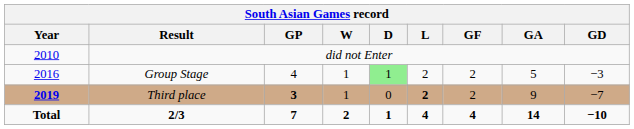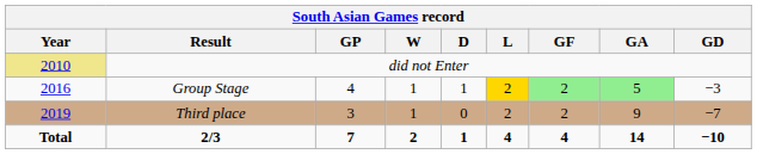 <table class="wikitable" style="text-align: center; width:50%;">
 <tr>
 <th colspan=10><a href='#'>South Asian Games</a> record</th>
 </tr>
 <tr>
 <th>Year</th>
 <th>Result</th>
 <th>GP</th>
 <th>W</th>
 <th>D</th>
 <th>L</th>
 <th>GF</th>
 <th>GA</th>
 <th>GD</th>
 </tr>
 <tr>
-<td> <a href='#'>2010</a></td>
+<td style="background: khaki;"> <a href='#'>2010</a></td>
 <td colspan=8><em>did not Enter</em></td>
 </tr>
 <tr>
 <td> <a href='#'>2016</a></td>
 <td><em>Group Stage</em></td>
 <td>4</td>
 <td>1</td>
-<td style="background: lightgreen;">1</td>
-<td>2</td>
-<td>2</td>
-<td>5</td>
+<td>1</td>
+<td style="background: gold;">2</td>
+<td style="background: lightgreen;">2</td>
+<td style="background: lightgreen;">5</td>
 <td>−3</td>
 </tr>
 <tr style="background:#cfaa88;">
-<td><strong> <a href='#'>2019</a></strong></td>
+<td> <a href='#'>2019</a></td>
 <td><em>Third place</em></td>
-<td><strong>3</strong></td>
+<td>3</td>
 <td>1</td>
 <td>0</td>
-<td><strong>2</strong></td>
+<td>2</td>
 <td>2</td>
 <td>9</td>
 <td>−7</td>
 </tr>
 <tr>
 <td><strong>Total</strong></td>
 <td><strong>2/3</strong></td>
 <td><strong>7</strong></td>
 <td><strong>2</strong></td>
 <td><strong>1</strong></td>
 <td><strong>4</strong></td>
 <td><strong>4</strong></td>
 <td><strong>14</strong></td>
 <td><strong>−10</strong></td>
 </tr>
 </table>
